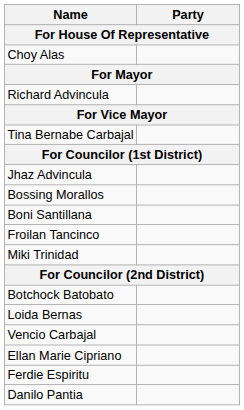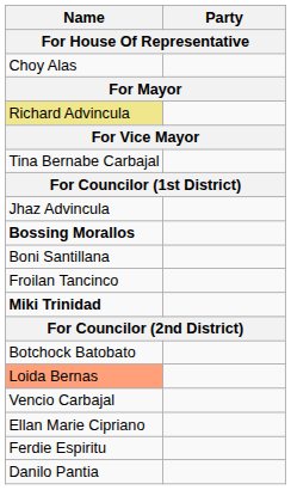 <table class="wikitable" style="font-size:90%">
 <tr>
 <th !width=150px>Name</th>
 <th colspan=2 width=110px>Party</th>
 </tr>
 <tr>
 <th colspan="3">For House Of Representative</th>
 </tr>
 <tr>
 <td>Choy Alas</td>
 <td></td>
 </tr>
 <tr>
 <th colspan="3">For Mayor</th>
 </tr>
 <tr>
-<td>Richard Advincula</td>
+<td style="background: khaki;">Richard Advincula</td>
 <td></td>
 </tr>
 <tr>
 <th colspan="3">For Vice Mayor</th>
 </tr>
 <tr>
 <td>Tina Bernabe Carbajal</td>
 <td></td>
 </tr>
 <tr>
 <th colspan="3">For Councilor (1st District)</th>
 </tr>
 <tr>
 <td>Jhaz Advincula</td>
 <td></td>
 </tr>
 <tr>
-<td>Bossing Morallos</td>
+<td><strong>Bossing Morallos</strong></td>
 <td></td>
 </tr>
 <tr>
 <td>Boni Santillana</td>
 <td></td>
 </tr>
 <tr>
 <td>Froilan Tancinco</td>
 <td></td>
 </tr>
 <tr>
-<td>Miki Trinidad</td>
+<td><strong>Miki Trinidad</strong></td>
 <td></td>
 </tr>
 <tr>
 <th colspan="3">For Councilor (2nd District)</th>
 </tr>
 <tr>
 <td>Botchock Batobato</td>
 <td></td>
 </tr>
 <tr>
-<td>Loida Bernas</td>
+<td style="background: lightsalmon;">Loida Bernas</td>
 <td></td>
 </tr>
 <tr>
 <td>Vencio Carbajal</td>
 <td></td>
 </tr>
 <tr>
 <td>Ellan Marie Cipriano</td>
 <td></td>
 </tr>
 <tr>
 <td>Ferdie Espiritu</td>
 <td></td>
 </tr>
 <tr>
 <td>Danilo Pantia</td>
 <td></td>
 </tr>
 </table>
